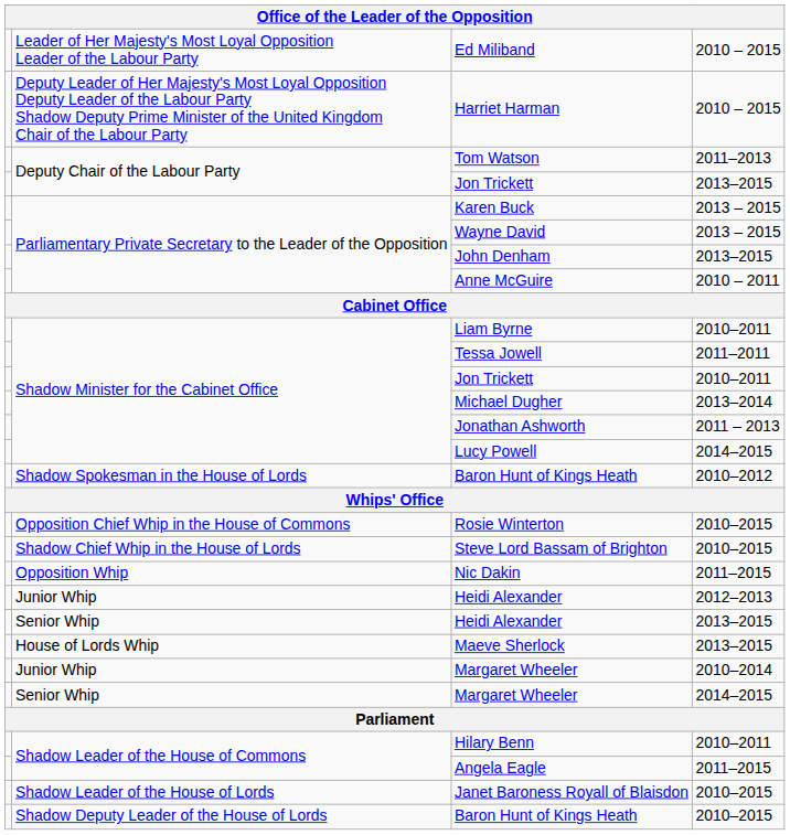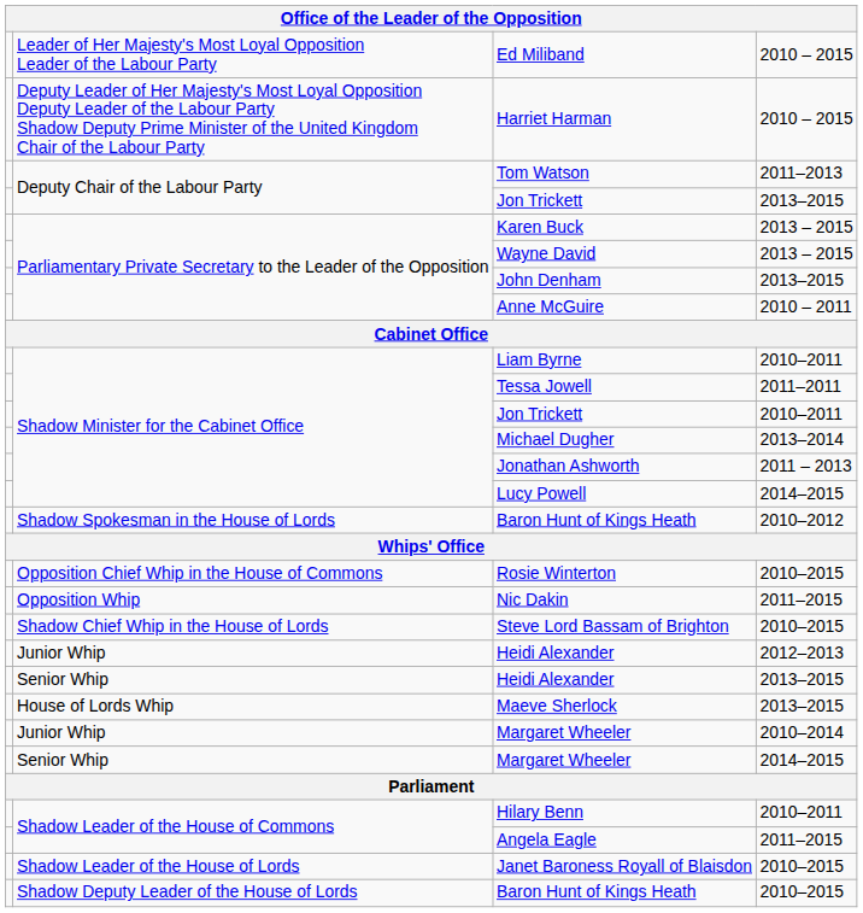 <table class="wikitable">
 <tr>
 <th colspan="4"><a href='#'>Office of the Leader of the Opposition</a></th>
 </tr>
 <tr>
 <td style="background: "></td>
 <td><a href='#'>Leader of Her Majesty's Most Loyal Opposition</a><br><a href='#'>Leader of the Labour Party</a></td>
 <td><a href='#'>Ed Miliband</a></td>
 <td>2010 – 2015</td>
 </tr>
 <tr>
 <td style="background: "></td>
 <td rowspan="1"><a href='#'>Deputy Leader of Her Majesty's Most Loyal Opposition</a><br><a href='#'>Deputy Leader of the Labour Party</a><br><a href='#'>Shadow Deputy Prime Minister of the United Kingdom</a><br><a href='#'>Chair of the Labour Party</a></td>
 <td><a href='#'>Harriet Harman</a></td>
 <td>2010 – 2015</td>
 </tr>
 <tr>
 <td style="background: "></td>
 <td rowspan="2">Deputy Chair of the Labour Party</td>
 <td><a href='#'>Tom Watson</a></td>
 <td>2011–2013</td>
 </tr>
 <tr>
 <td style="background: "></td>
 <td><a href='#'>Jon Trickett</a></td>
 <td>2013–2015</td>
 </tr>
 <tr>
 <td style="background: "></td>
 <td rowspan="4"><a href='#'>Parliamentary Private Secretary</a> to the Leader of the Opposition</td>
 <td><a href='#'>Karen Buck</a></td>
 <td>2013 – 2015</td>
 </tr>
 <tr>
 <td style="background: "></td>
 <td><a href='#'>Wayne David</a></td>
 <td>2013 – 2015</td>
 </tr>
 <tr>
 <td style="background: "></td>
 <td><a href='#'>John Denham</a></td>
 <td>2013–2015</td>
 </tr>
 <tr>
 <td style="background: "></td>
 <td><a href='#'>Anne McGuire</a></td>
 <td>2010 – 2011</td>
 </tr>
 <tr>
 <th colspan="4"><a href='#'>Cabinet Office</a></th>
 </tr>
 <tr>
 <td style="background: "></td>
 <td rowspan="6"><a href='#'>Shadow Minister for the Cabinet Office</a></td>
 <td><a href='#'>Liam Byrne</a></td>
 <td>2010–2011</td>
 </tr>
 <tr>
 <td style="background: "></td>
 <td><a href='#'>Tessa Jowell</a></td>
 <td>2011–2011</td>
 </tr>
 <tr>
 <td style="background: "></td>
 <td><a href='#'>Jon Trickett</a></td>
 <td>2010–2011</td>
 </tr>
 <tr>
 <td style="background: "></td>
 <td><a href='#'>Michael Dugher</a></td>
 <td>2013–2014</td>
 </tr>
 <tr>
 <td style="background: "></td>
 <td><a href='#'>Jonathan Ashworth</a></td>
 <td>2011 – 2013</td>
 </tr>
 <tr>
 <td style="background: "></td>
 <td><a href='#'>Lucy Powell</a></td>
 <td>2014–2015</td>
 </tr>
 <tr>
 <td style="background: "></td>
 <td><a href='#'>Shadow Spokesman in the House of Lords</a></td>
 <td><a href='#'>Baron Hunt of Kings Heath</a></td>
 <td>2010–2012</td>
 </tr>
 <tr>
 <th colspan="4"><a href='#'>Whips' Office</a></th>
 </tr>
 <tr>
 <td style="background: "></td>
 <td><a href='#'>Opposition Chief Whip in the House of Commons</a></td>
 <td><a href='#'>Rosie Winterton</a></td>
 <td>2010–2015</td>
 </tr>
 <tr>
 <td style="background: "></td>
+<td><a href='#'>Opposition Whip</a></td>
+<td><a href='#'>Nic Dakin</a></td>
+<td>2011–2015</td>
+</tr>
+<tr>
+<td style="background: "></td>
 <td><a href='#'>Shadow Chief Whip in the House of Lords</a></td>
 <td><a href='#'>Steve Lord Bassam of Brighton</a></td>
 <td>2010–2015</td>
-</tr>
-<tr>
-<td style="background: "></td>
-<td><a href='#'>Opposition Whip</a></td>
-<td><a href='#'>Nic Dakin</a></td>
-<td>2011–2015</td>
 </tr>
 <tr>
 <td style="background: "></td>
 <td>Junior Whip</td>
 <td><a href='#'>Heidi Alexander</a></td>
 <td>2012–2013</td>
 </tr>
 <tr>
 <td style="background: "></td>
 <td>Senior Whip</td>
 <td><a href='#'>Heidi Alexander</a></td>
 <td>2013–2015</td>
 </tr>
 <tr>
 <td style="background: "></td>
 <td>House of Lords Whip</td>
 <td><a href='#'>Maeve Sherlock</a></td>
 <td>2013–2015</td>
 </tr>
 <tr>
 <td style="background: "></td>
 <td>Junior Whip</td>
 <td><a href='#'>Margaret Wheeler</a></td>
 <td>2010–2014</td>
 </tr>
 <tr>
 <td style="background: "></td>
 <td>Senior Whip</td>
 <td><a href='#'>Margaret Wheeler</a></td>
 <td>2014–2015</td>
 </tr>
 <tr>
 <th colspan="4">Parliament</th>
 </tr>
 <tr>
 <td style="background: "></td>
 <td rowspan="2"><a href='#'>Shadow Leader of the House of Commons</a></td>
 <td><a href='#'>Hilary Benn</a></td>
 <td>2010–2011</td>
 </tr>
 <tr>
 <td style="background: "></td>
 <td><a href='#'>Angela Eagle</a></td>
 <td>2011–2015</td>
 </tr>
 <tr>
 <td style="background: "></td>
 <td><a href='#'>Shadow Leader of the House of Lords</a></td>
 <td><a href='#'>Janet Baroness Royall of Blaisdon</a></td>
 <td>2010–2015</td>
 </tr>
 <tr>
 <td style="background: "></td>
 <td><a href='#'>Shadow Deputy Leader of the House of Lords</a></td>
 <td><a href='#'>Baron Hunt of Kings Heath</a></td>
 <td>2010–2015</td>
 </tr>
 </table>
